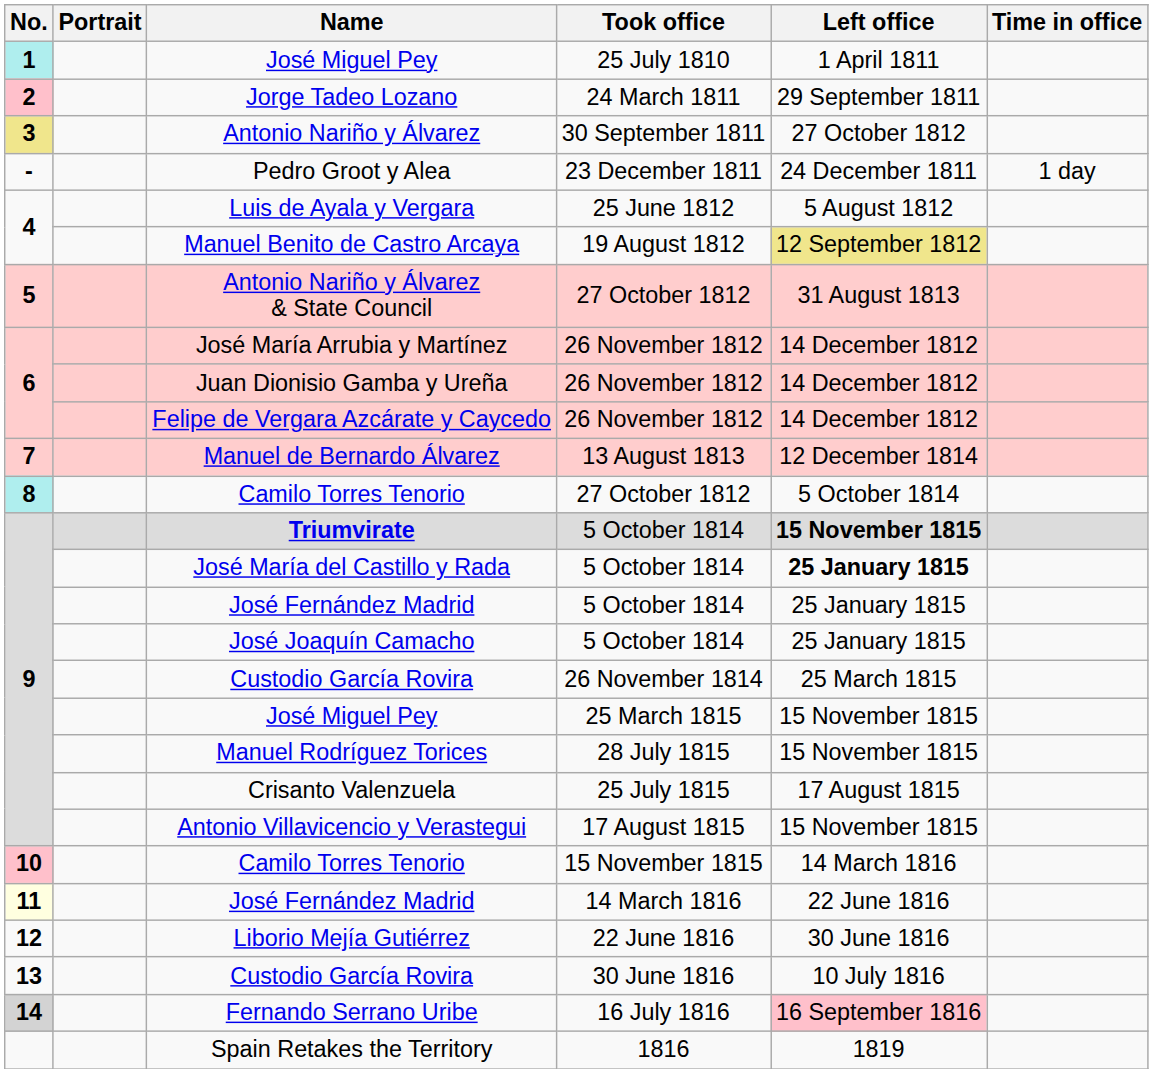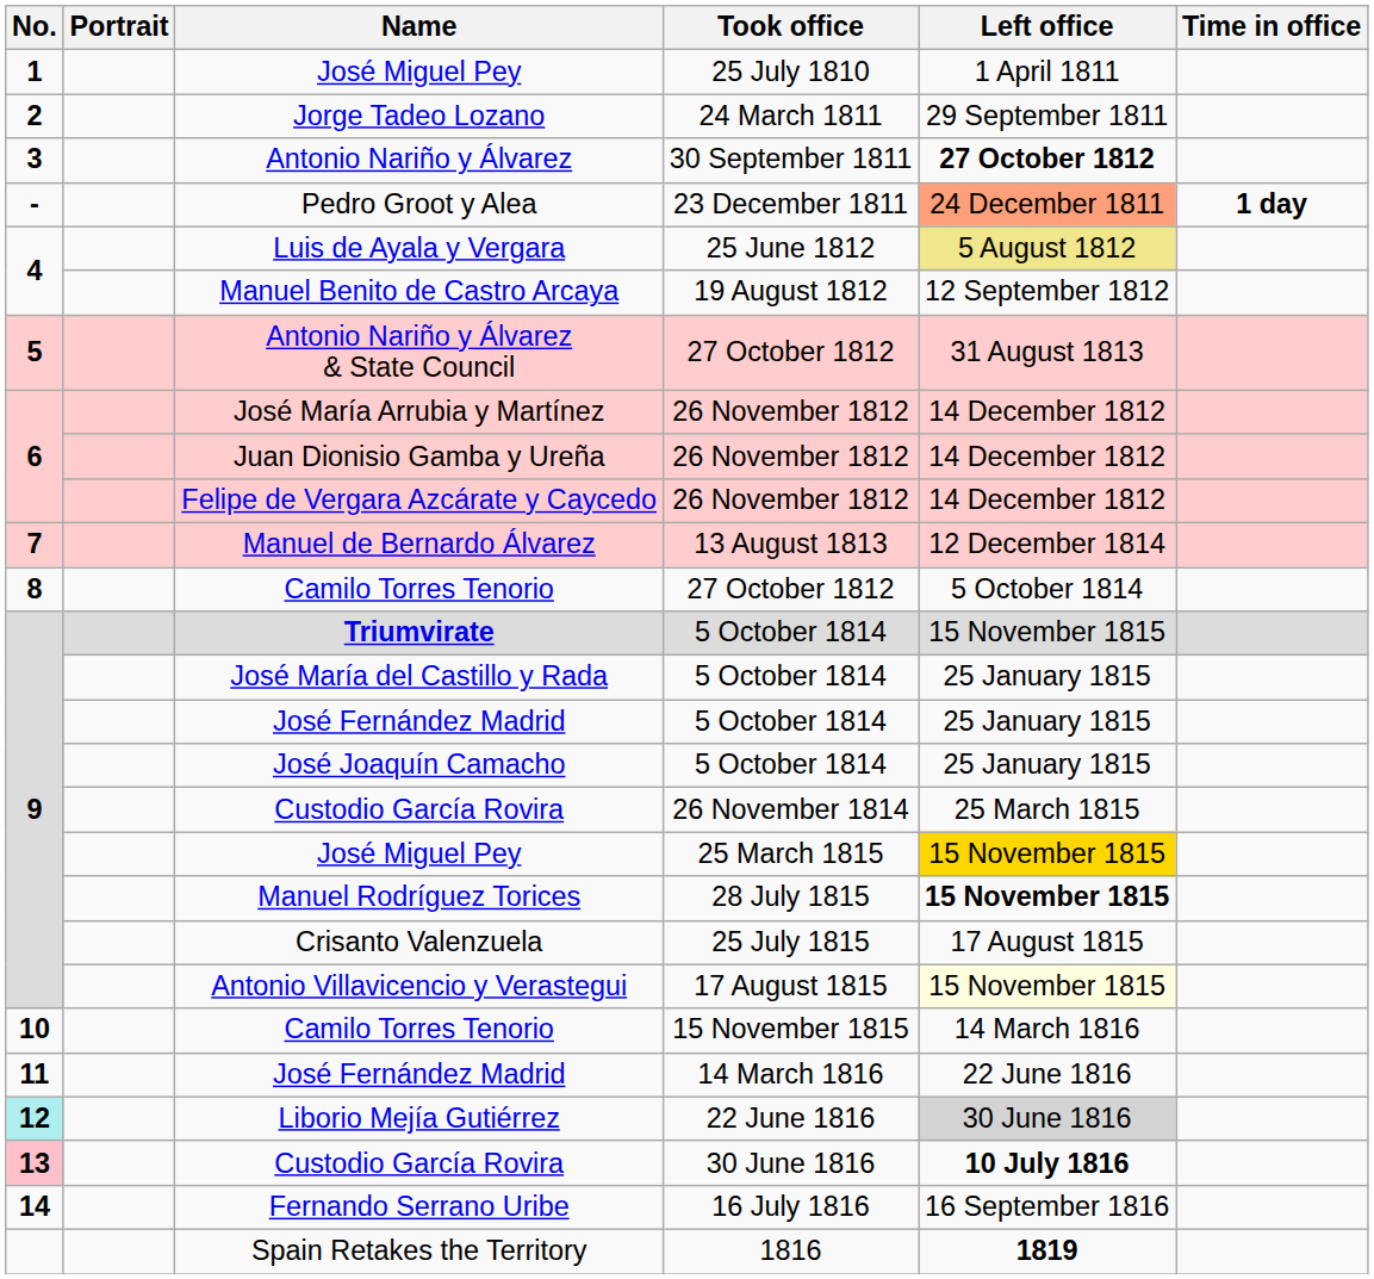 <table class="wikitable" style="text-align:center">
 <tr>
 <th>No.</th>
 <th>Portrait</th>
 <th>Name<br></th>
 <th>Took office</th>
 <th>Left office</th>
 <th><strong>Time in office</strong></th>
 </tr>
 <tr>
-<td style="background: paleturquoise;"><strong>1</strong></td>
+<td><strong>1</strong></td>
 <td></td>
 <td><a href='#'>José Miguel Pey</a></td>
 <td>25 July 1810</td>
 <td>1 April 1811</td>
 <td></td>
 </tr>
 <tr>
-<td style="background: pink;"><strong>2</strong></td>
+<td><strong>2</strong></td>
 <td></td>
 <td><a href='#'>Jorge Tadeo Lozano</a></td>
 <td>24 March 1811</td>
 <td>29 September 1811</td>
 <td></td>
 </tr>
 <tr>
-<td style="background: khaki;"><strong>3</strong></td>
+<td><strong>3</strong></td>
 <td></td>
 <td><a href='#'>Antonio Nariño y Álvarez</a></td>
 <td>30 September 1811</td>
-<td>27 October 1812</td>
+<td><strong>27 October 1812</strong></td>
 <td></td>
 </tr>
 <tr>
 <td><strong>-</strong></td>
 <td></td>
 <td>Pedro Groot y Alea</td>
 <td>23 December 1811</td>
-<td>24 December 1811</td>
-<td>1 day</td>
+<td style="background: lightsalmon;">24 December 1811</td>
+<td><strong>1 day</strong></td>
 </tr>
 <tr>
 <td rowspan="2"><strong>4</strong></td>
 <td></td>
 <td><a href='#'>Luis de Ayala y Vergara</a></td>
 <td>25 June 1812</td>
-<td>5 August 1812</td>
+<td style="background: khaki;">5 August 1812</td>
 <td></td>
 </tr>
 <tr>
 <td></td>
 <td><a href='#'>Manuel Benito de Castro Arcaya</a></td>
 <td>19 August 1812</td>
-<td style="background: khaki;">12 September 1812</td>
+<td>12 September 1812</td>
 <td></td>
 </tr>
 <tr bgcolor=#FFCDCD>
 <td><strong>5</strong></td>
 <td></td>
 <td><a href='#'>Antonio Nariño y Álvarez</a><br>& State Council</td>
 <td>27 October 1812</td>
 <td>31 August 1813</td>
 <td></td>
 </tr>
 <tr bgcolor=#FFCDCD>
 <td rowspan="3"><strong>6</strong></td>
 <td></td>
 <td>José María Arrubia y Martínez</td>
 <td>26 November 1812</td>
 <td>14 December 1812</td>
 <td></td>
 </tr>
 <tr bgcolor=#FFCDCD>
 <td></td>
 <td>Juan Dionisio Gamba y Ureña</td>
 <td>26 November 1812</td>
 <td>14 December 1812</td>
 <td></td>
 </tr>
 <tr bgcolor=#FFCDCD>
 <td></td>
 <td><a href='#'>Felipe de Vergara Azcárate y Caycedo</a></td>
 <td>26 November 1812</td>
 <td>14 December 1812</td>
 <td></td>
 </tr>
 <tr bgcolor=#FFCDCD>
 <td><strong>7</strong></td>
 <td></td>
 <td><a href='#'>Manuel de Bernardo Álvarez</a></td>
 <td>13 August 1813</td>
 <td>12 December 1814</td>
 <td></td>
 </tr>
 <tr>
-<td style="background: paleturquoise;"><strong>8</strong></td>
+<td><strong>8</strong></td>
 <td></td>
 <td><a href='#'>Camilo Torres Tenorio</a></td>
 <td>27 October 1812</td>
 <td>5 October 1814</td>
 <td></td>
 </tr>
 <tr bgcolor=#dcdcdc>
 <td rowspan="9"><strong>9</strong></td>
 <td></td>
 <td><strong><a href='#'>Triumvirate</a></strong></td>
 <td>5 October 1814</td>
-<td><strong>15 November 1815</strong></td>
+<td>15 November 1815</td>
 <td></td>
 </tr>
 <tr>
 <td></td>
 <td><a href='#'>José María del Castillo y Rada</a></td>
 <td>5 October 1814</td>
-<td><strong>25 January 1815</strong></td>
+<td>25 January 1815</td>
 <td></td>
 </tr>
 <tr>
 <td></td>
 <td><a href='#'>José Fernández Madrid</a></td>
 <td>5 October 1814</td>
 <td>25 January 1815</td>
 <td></td>
 </tr>
 <tr>
 <td></td>
 <td><a href='#'>José Joaquín Camacho</a></td>
 <td>5 October 1814</td>
 <td>25 January 1815</td>
 <td></td>
 </tr>
 <tr>
 <td></td>
 <td><a href='#'>Custodio García Rovira</a></td>
 <td>26 November 1814</td>
 <td>25 March 1815</td>
 <td></td>
 </tr>
 <tr>
 <td></td>
 <td><a href='#'>José Miguel Pey</a></td>
 <td>25 March 1815</td>
-<td>15 November 1815</td>
+<td style="background: gold;">15 November 1815</td>
 <td></td>
 </tr>
 <tr>
 <td></td>
 <td><a href='#'>Manuel Rodríguez Torices</a></td>
 <td>28 July 1815</td>
-<td>15 November 1815</td>
+<td><strong>15 November 1815</strong></td>
 <td></td>
 </tr>
 <tr>
 <td></td>
 <td>Crisanto Valenzuela</td>
 <td>25 July 1815</td>
 <td>17 August 1815</td>
 <td></td>
 </tr>
 <tr>
 <td></td>
 <td><a href='#'>Antonio Villavicencio y Verastegui</a></td>
 <td>17 August 1815</td>
-<td>15 November 1815</td>
+<td style="background: lightyellow;">15 November 1815</td>
 <td></td>
 </tr>
 <tr>
-<td style="background: pink;"><strong>10</strong></td>
+<td><strong>10</strong></td>
 <td></td>
 <td><a href='#'>Camilo Torres Tenorio</a></td>
 <td>15 November 1815</td>
 <td>14 March 1816</td>
 <td></td>
 </tr>
 <tr>
-<td style="background: lightyellow;"><strong>11</strong></td>
+<td><strong>11</strong></td>
 <td></td>
 <td><a href='#'>José Fernández Madrid</a></td>
 <td>14 March 1816</td>
 <td>22 June 1816</td>
 <td></td>
 </tr>
 <tr>
-<td><strong>12</strong></td>
+<td style="background: paleturquoise;"><strong>12</strong></td>
 <td></td>
 <td><a href='#'>Liborio Mejía Gutiérrez</a></td>
 <td>22 June 1816</td>
-<td>30 June 1816</td>
+<td style="background: lightgrey;">30 June 1816</td>
 <td></td>
 </tr>
 <tr>
-<td><strong>13</strong></td>
+<td style="background: pink;"><strong>13</strong></td>
 <td></td>
 <td><a href='#'>Custodio García Rovira</a></td>
 <td>30 June 1816</td>
-<td>10 July 1816</td>
+<td><strong>10 July 1816</strong></td>
 <td></td>
 </tr>
 <tr>
-<td style="background: lightgrey;"><strong>14</strong></td>
+<td><strong>14</strong></td>
 <td></td>
 <td><a href='#'>Fernando Serrano Uribe</a></td>
 <td>16 July 1816</td>
-<td style="background: pink;">16 September 1816</td>
+<td>16 September 1816</td>
 <td></td>
 </tr>
 <tr>
 <td></td>
 <td></td>
 <td>Spain Retakes the Territory</td>
 <td>1816</td>
-<td>1819</td>
+<td><strong>1819</strong></td>
 <td></td>
 </tr>
 </table>
